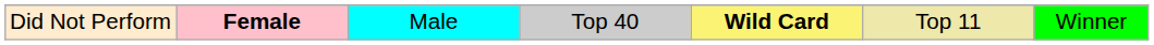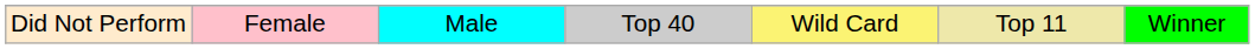 <table class="wikitable" style="margin:1em auto; text-align:center;">
 <tr>
 </tr>
 <tr>
 <td style="background:#FFEBCD;" width="15%">Did Not Perform</td>
-<td style="background:pink;" width="15%"><strong>Female</strong></td>
+<td style="background:pink;" width="15%">Female</td>
 <td style="background:cyan;" width="15%">Male</td>
 <td style="background:#CCCCCC;" width="15%">Top 40</td>
-<td style="background:#fbf373; width:15%;"><strong>Wild Card</strong></td>
+<td style="background:#fbf373; width:15%;">Wild Card</td>
 <td style="background:palegoldenrod;" width="15%">Top 11</td>
 <td style="background:lime;" width="15%">Winner</td>
 </tr>
 </table>
